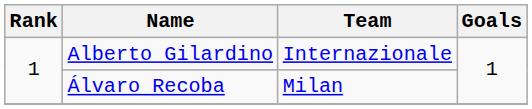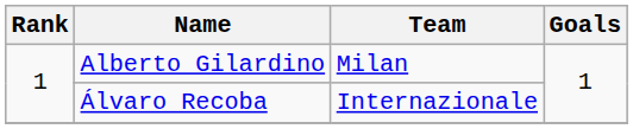 <table class="wikitable" style="text-align: center;">
 <tr>
 <th>Rank</th>
 <th>Name</th>
 <th>Team</th>
 <th>Goals</th>
 </tr>
 <tr>
 <td rowspan="2">1</td>
 <td align="left"> <a href='#'>Alberto Gilardino</a></td>
-<td align="left"> <a href='#'>Internazionale</a></td>
+<td align="left"> <a href='#'>Milan</a></td>
 <td rowspan="2">1</td>
 </tr>
 <tr>
 <td align="left"> <a href='#'>Álvaro Recoba</a></td>
-<td align="left"> <a href='#'>Milan</a></td>
+<td align="left"> <a href='#'>Internazionale</a></td>
 </tr>
 <tr>
 </tr>
 </table>
